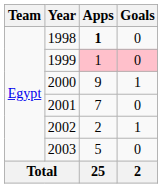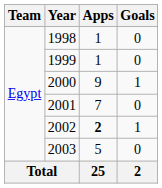 <table class="wikitable" style="text-align:center">
 <tr>
 <th>Team</th>
 <th>Year</th>
 <th>Apps</th>
 <th>Goals</th>
 </tr>
 <tr>
 <td rowspan=6><a href='#'>Egypt</a></td>
 <td>1998</td>
-<td><strong>1</strong></td>
+<td>1</td>
 <td>0</td>
 </tr>
 <tr>
 <td>1999</td>
-<td style="background: pink;">1</td>
-<td style="background: pink;">0</td>
+<td>1</td>
+<td>0</td>
 </tr>
 <tr>
 <td>2000</td>
 <td>9</td>
 <td>1</td>
 </tr>
 <tr>
 <td>2001</td>
 <td>7</td>
 <td>0</td>
 </tr>
 <tr>
 <td>2002</td>
-<td>2</td>
+<td><strong>2</strong></td>
 <td>1</td>
 </tr>
 <tr>
 <td>2003</td>
 <td>5</td>
 <td>0</td>
 </tr>
 <tr>
 <th colspan=2>Total</th>
 <th>25</th>
 <th>2</th>
 </tr>
 </table>
